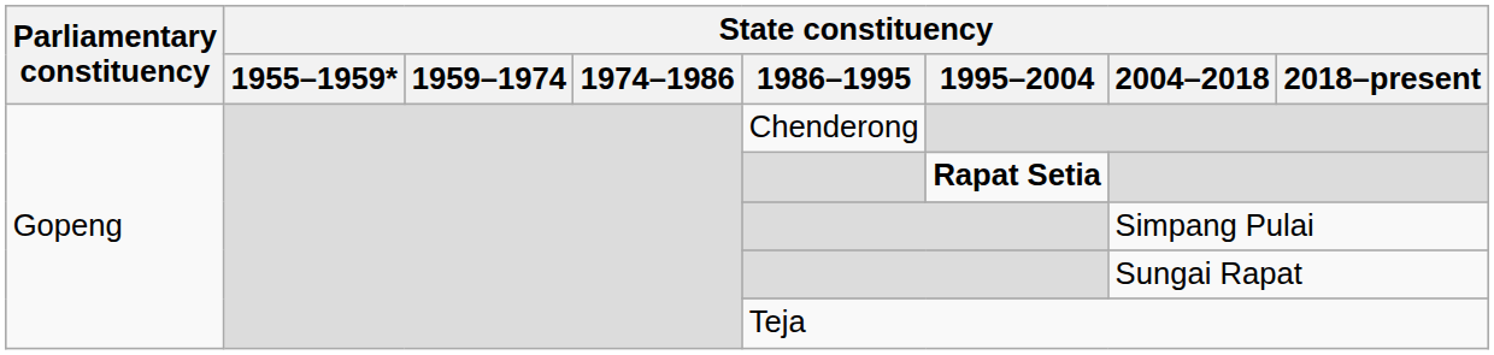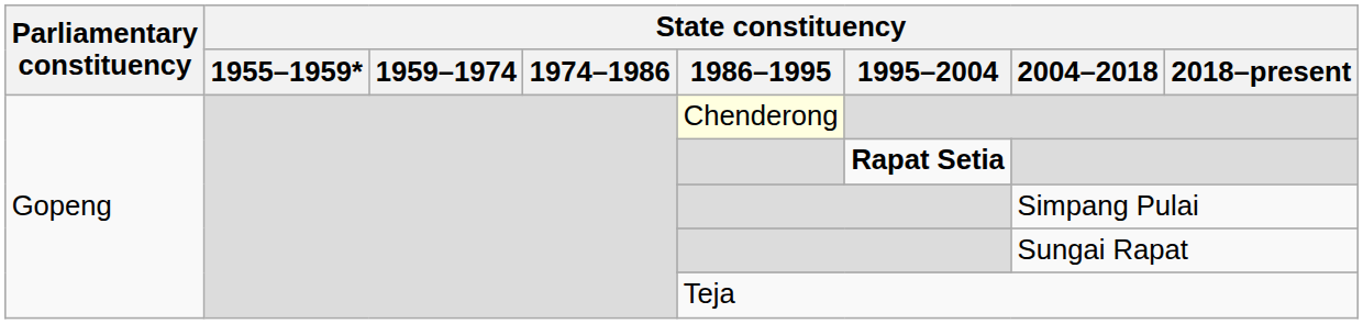 <table class="wikitable">
 <tr>
 <th rowspan="2">Parliamentary<br>constituency</th>
 <th colspan="7">State constituency</th>
 </tr>
 <tr>
 <th>1955–1959*</th>
 <th>1959–1974</th>
 <th>1974–1986</th>
 <th>1986–1995</th>
 <th>1995–2004</th>
 <th>2004–2018</th>
 <th>2018–present</th>
 </tr>
 <tr>
 <td rowspan="5">Gopeng</td>
 <td colspan="3" rowspan="5" bgcolor="dcdcdc"></td>
-<td>Chenderong</td>
+<td style="background: lightyellow;">Chenderong</td>
 <td colspan="3" bgcolor="dcdcdc"></td>
 </tr>
 <tr>
 <td bgcolor="dcdcdc"></td>
 <td><strong>Rapat Setia</strong></td>
 <td colspan="2" bgcolor="dcdcdc"></td>
 </tr>
 <tr>
 <td colspan="2" bgcolor="dcdcdc"></td>
 <td colspan="2">Simpang Pulai</td>
 </tr>
 <tr>
 <td colspan="2" bgcolor="dcdcdc"></td>
 <td colspan="2">Sungai Rapat</td>
 </tr>
 <tr>
 <td colspan="4">Teja</td>
 </tr>
 </table>
